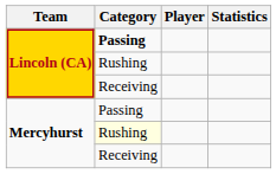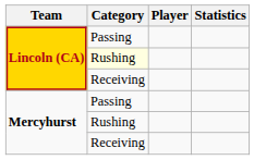 <table class="wikitable" style="float: right;">
 <tr>
 <th>Team</th>
 <th>Category</th>
 <th>Player</th>
 <th>Statistics</th>
 </tr>
 <tr>
 <td rowspan=3 style="background-color:gold;color:#B20317;box-shadow: inset 2px 2px 0 #B20317, inset -2px -2px 0 #B20317; text-align:center;"><strong>Lincoln (CA)</strong></td>
-<td><strong>Passing</strong></td>
+<td>Passing</td>
 <td></td>
 <td></td>
 </tr>
 <tr>
-<td>Rushing</td>
+<td style="background: lightyellow;">Rushing</td>
 <td></td>
 <td></td>
 </tr>
 <tr>
 <td>Receiving</td>
 <td></td>
 <td></td>
 </tr>
 <tr>
 <td rowspan=3><strong>Mercyhurst</strong></td>
 <td>Passing</td>
 <td></td>
 <td></td>
 </tr>
 <tr>
-<td style="background: lightyellow;">Rushing</td>
+<td>Rushing</td>
 <td></td>
 <td></td>
 </tr>
 <tr>
 <td>Receiving</td>
 <td></td>
 <td></td>
 </tr>
 </table>
